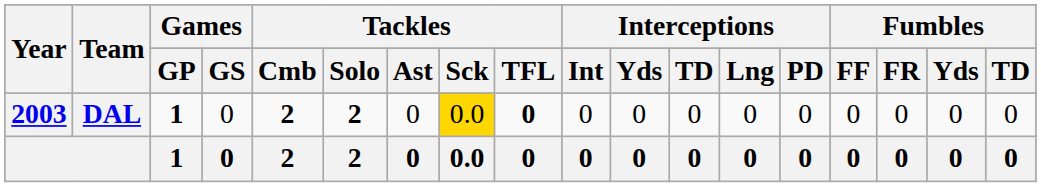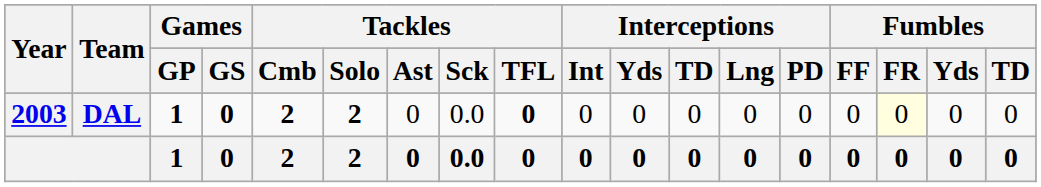 <table class="wikitable" style="text-align:center">
 <tr>
 <th rowspan="2">Year</th>
 <th rowspan="2">Team</th>
 <th colspan="2">Games</th>
 <th colspan="5">Tackles</th>
 <th colspan="5">Interceptions</th>
 <th colspan="4">Fumbles</th>
 </tr>
 <tr>
 <th>GP</th>
 <th>GS</th>
 <th>Cmb</th>
 <th>Solo</th>
 <th>Ast</th>
 <th>Sck</th>
 <th>TFL</th>
 <th>Int</th>
 <th>Yds</th>
 <th>TD</th>
 <th>Lng</th>
 <th>PD</th>
 <th>FF</th>
 <th>FR</th>
 <th>Yds</th>
 <th>TD</th>
 </tr>
 <tr>
 <th><a href='#'>2003</a></th>
 <th><a href='#'>DAL</a></th>
 <td><strong>1</strong></td>
-<td>0</td>
+<td><strong>0</strong></td>
 <td><strong>2</strong></td>
 <td><strong>2</strong></td>
 <td>0</td>
-<td style="background: gold;">0.0</td>
+<td>0.0</td>
 <td><strong>0</strong></td>
 <td>0</td>
 <td>0</td>
 <td>0</td>
 <td>0</td>
 <td>0</td>
 <td>0</td>
-<td>0</td>
+<td style="background: lightyellow;">0</td>
 <td>0</td>
 <td>0</td>
 </tr>
 <tr>
 <th colspan="2"></th>
 <th>1</th>
 <th>0</th>
 <th>2</th>
 <th>2</th>
 <th>0</th>
 <th>0.0</th>
 <th>0</th>
 <th>0</th>
 <th>0</th>
 <th>0</th>
 <th>0</th>
 <th>0</th>
 <th>0</th>
 <th>0</th>
 <th>0</th>
 <th>0</th>
 </tr>
 </table>
